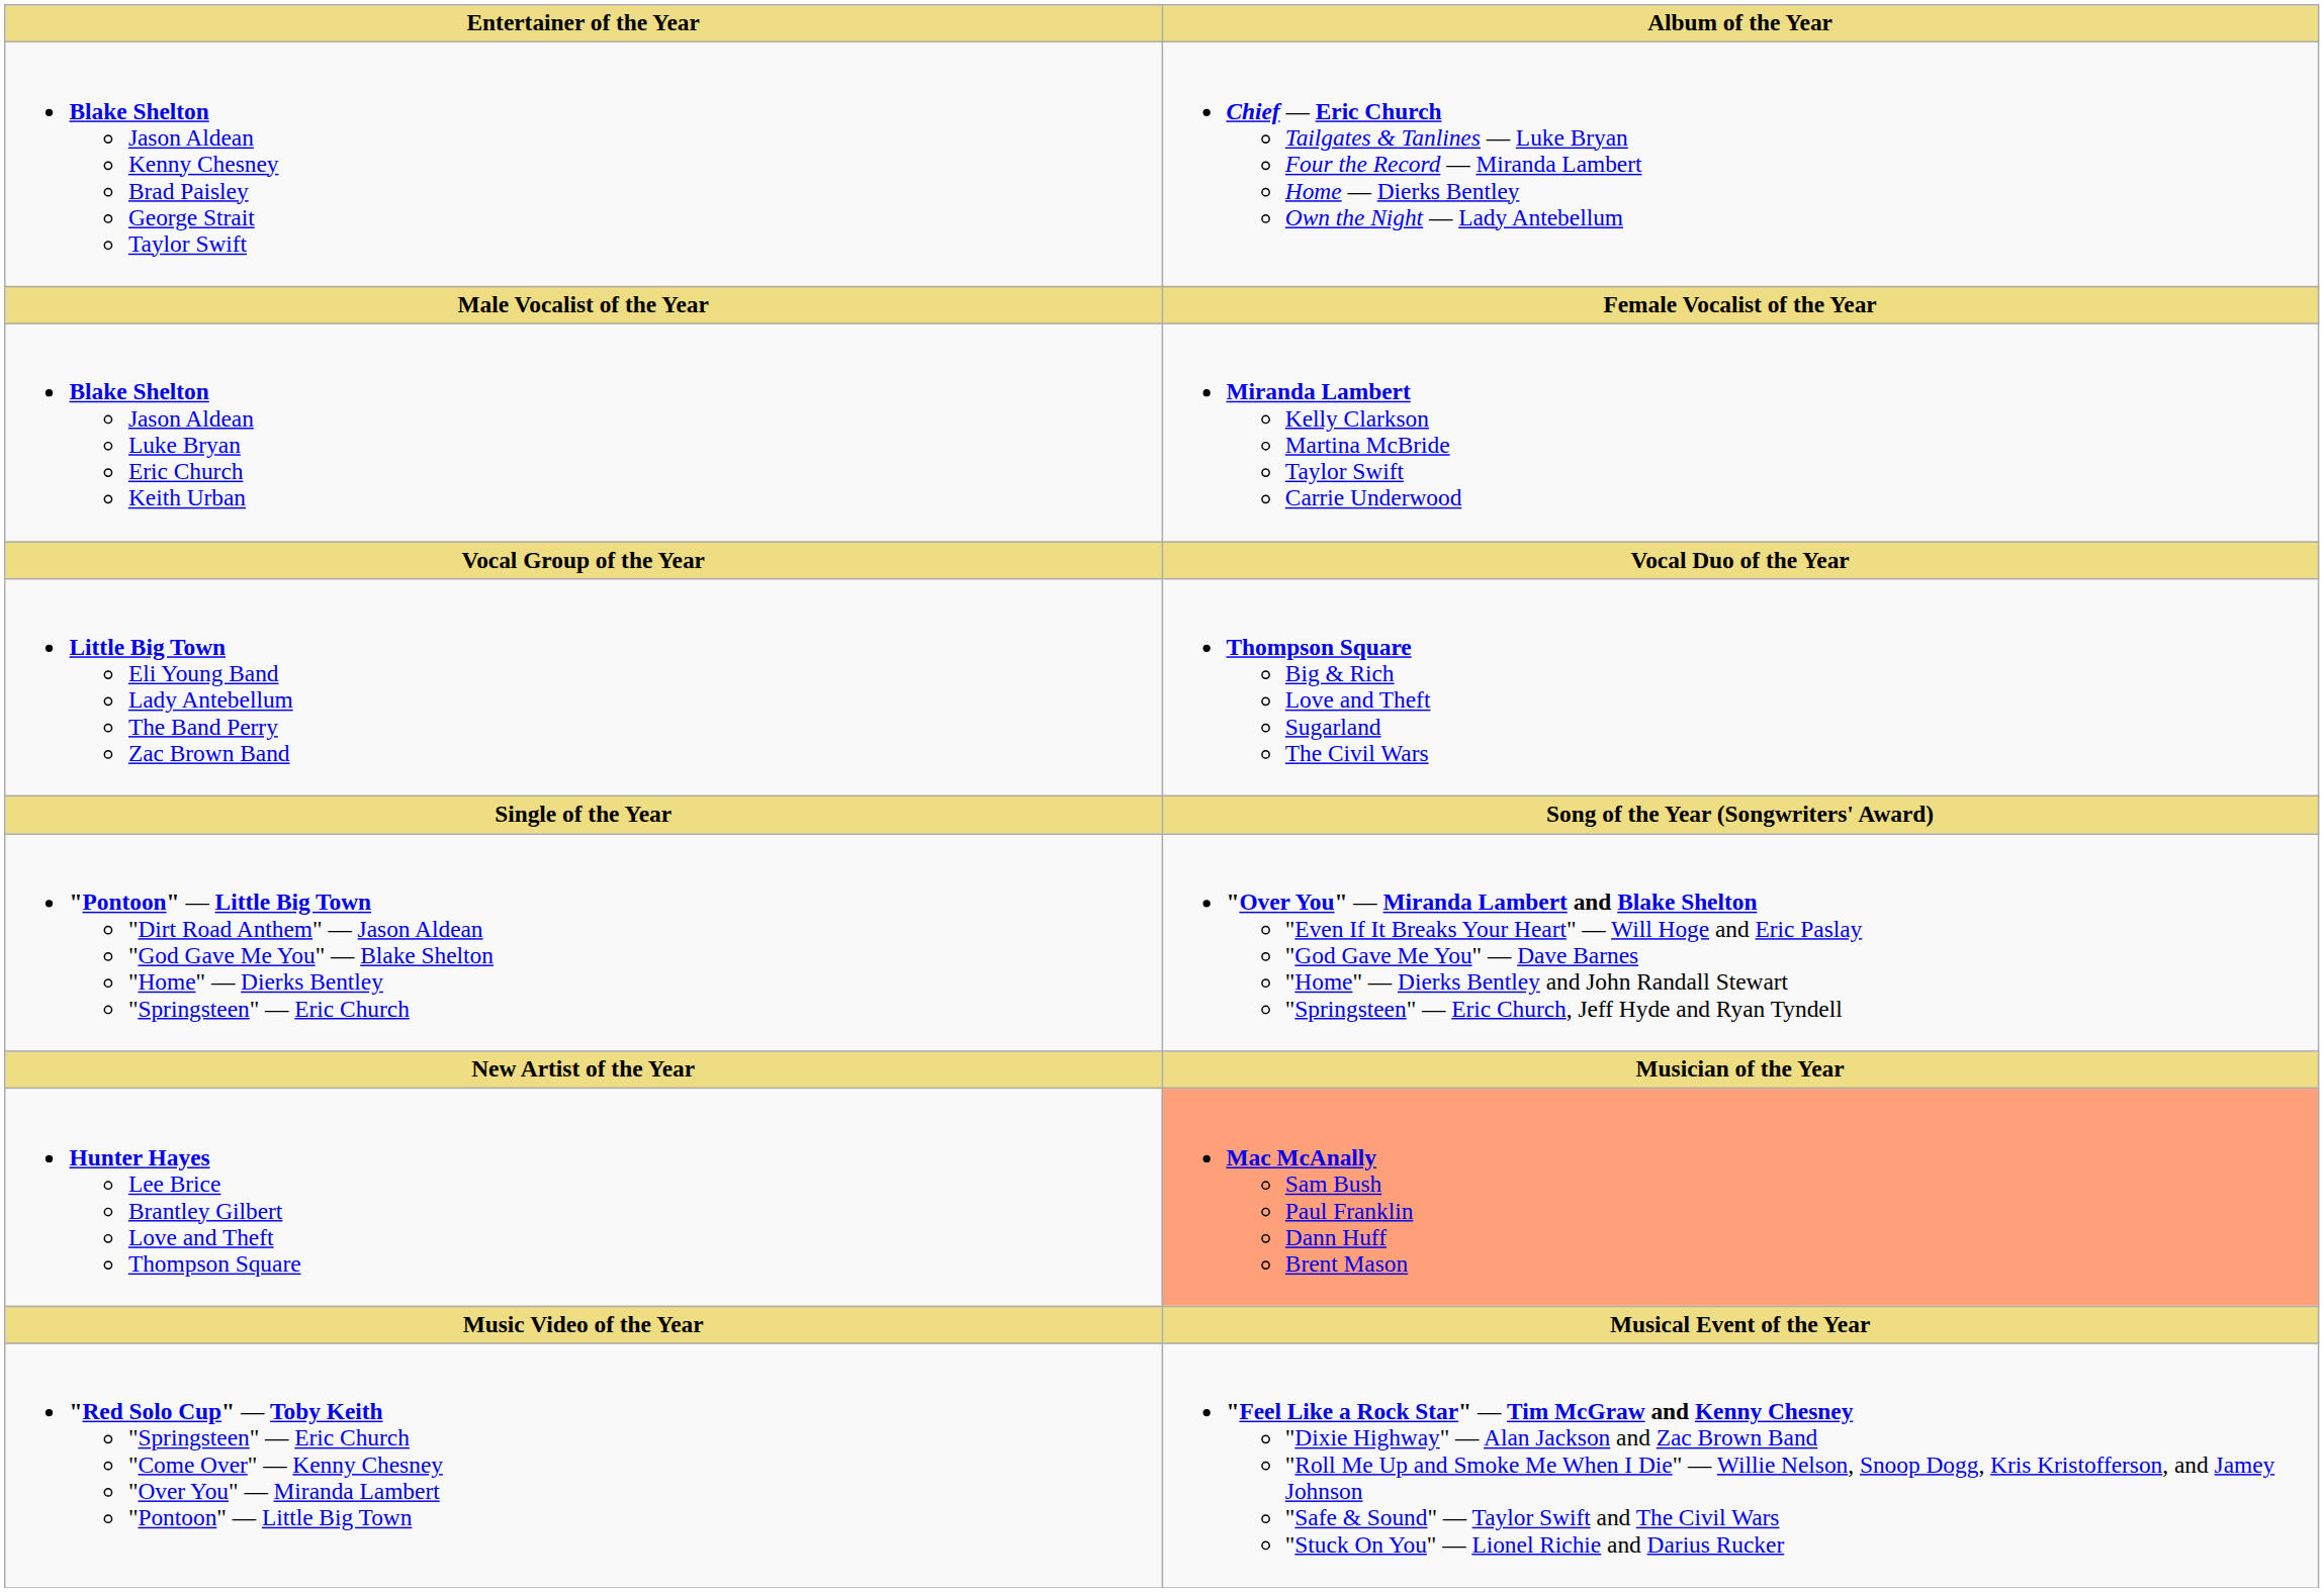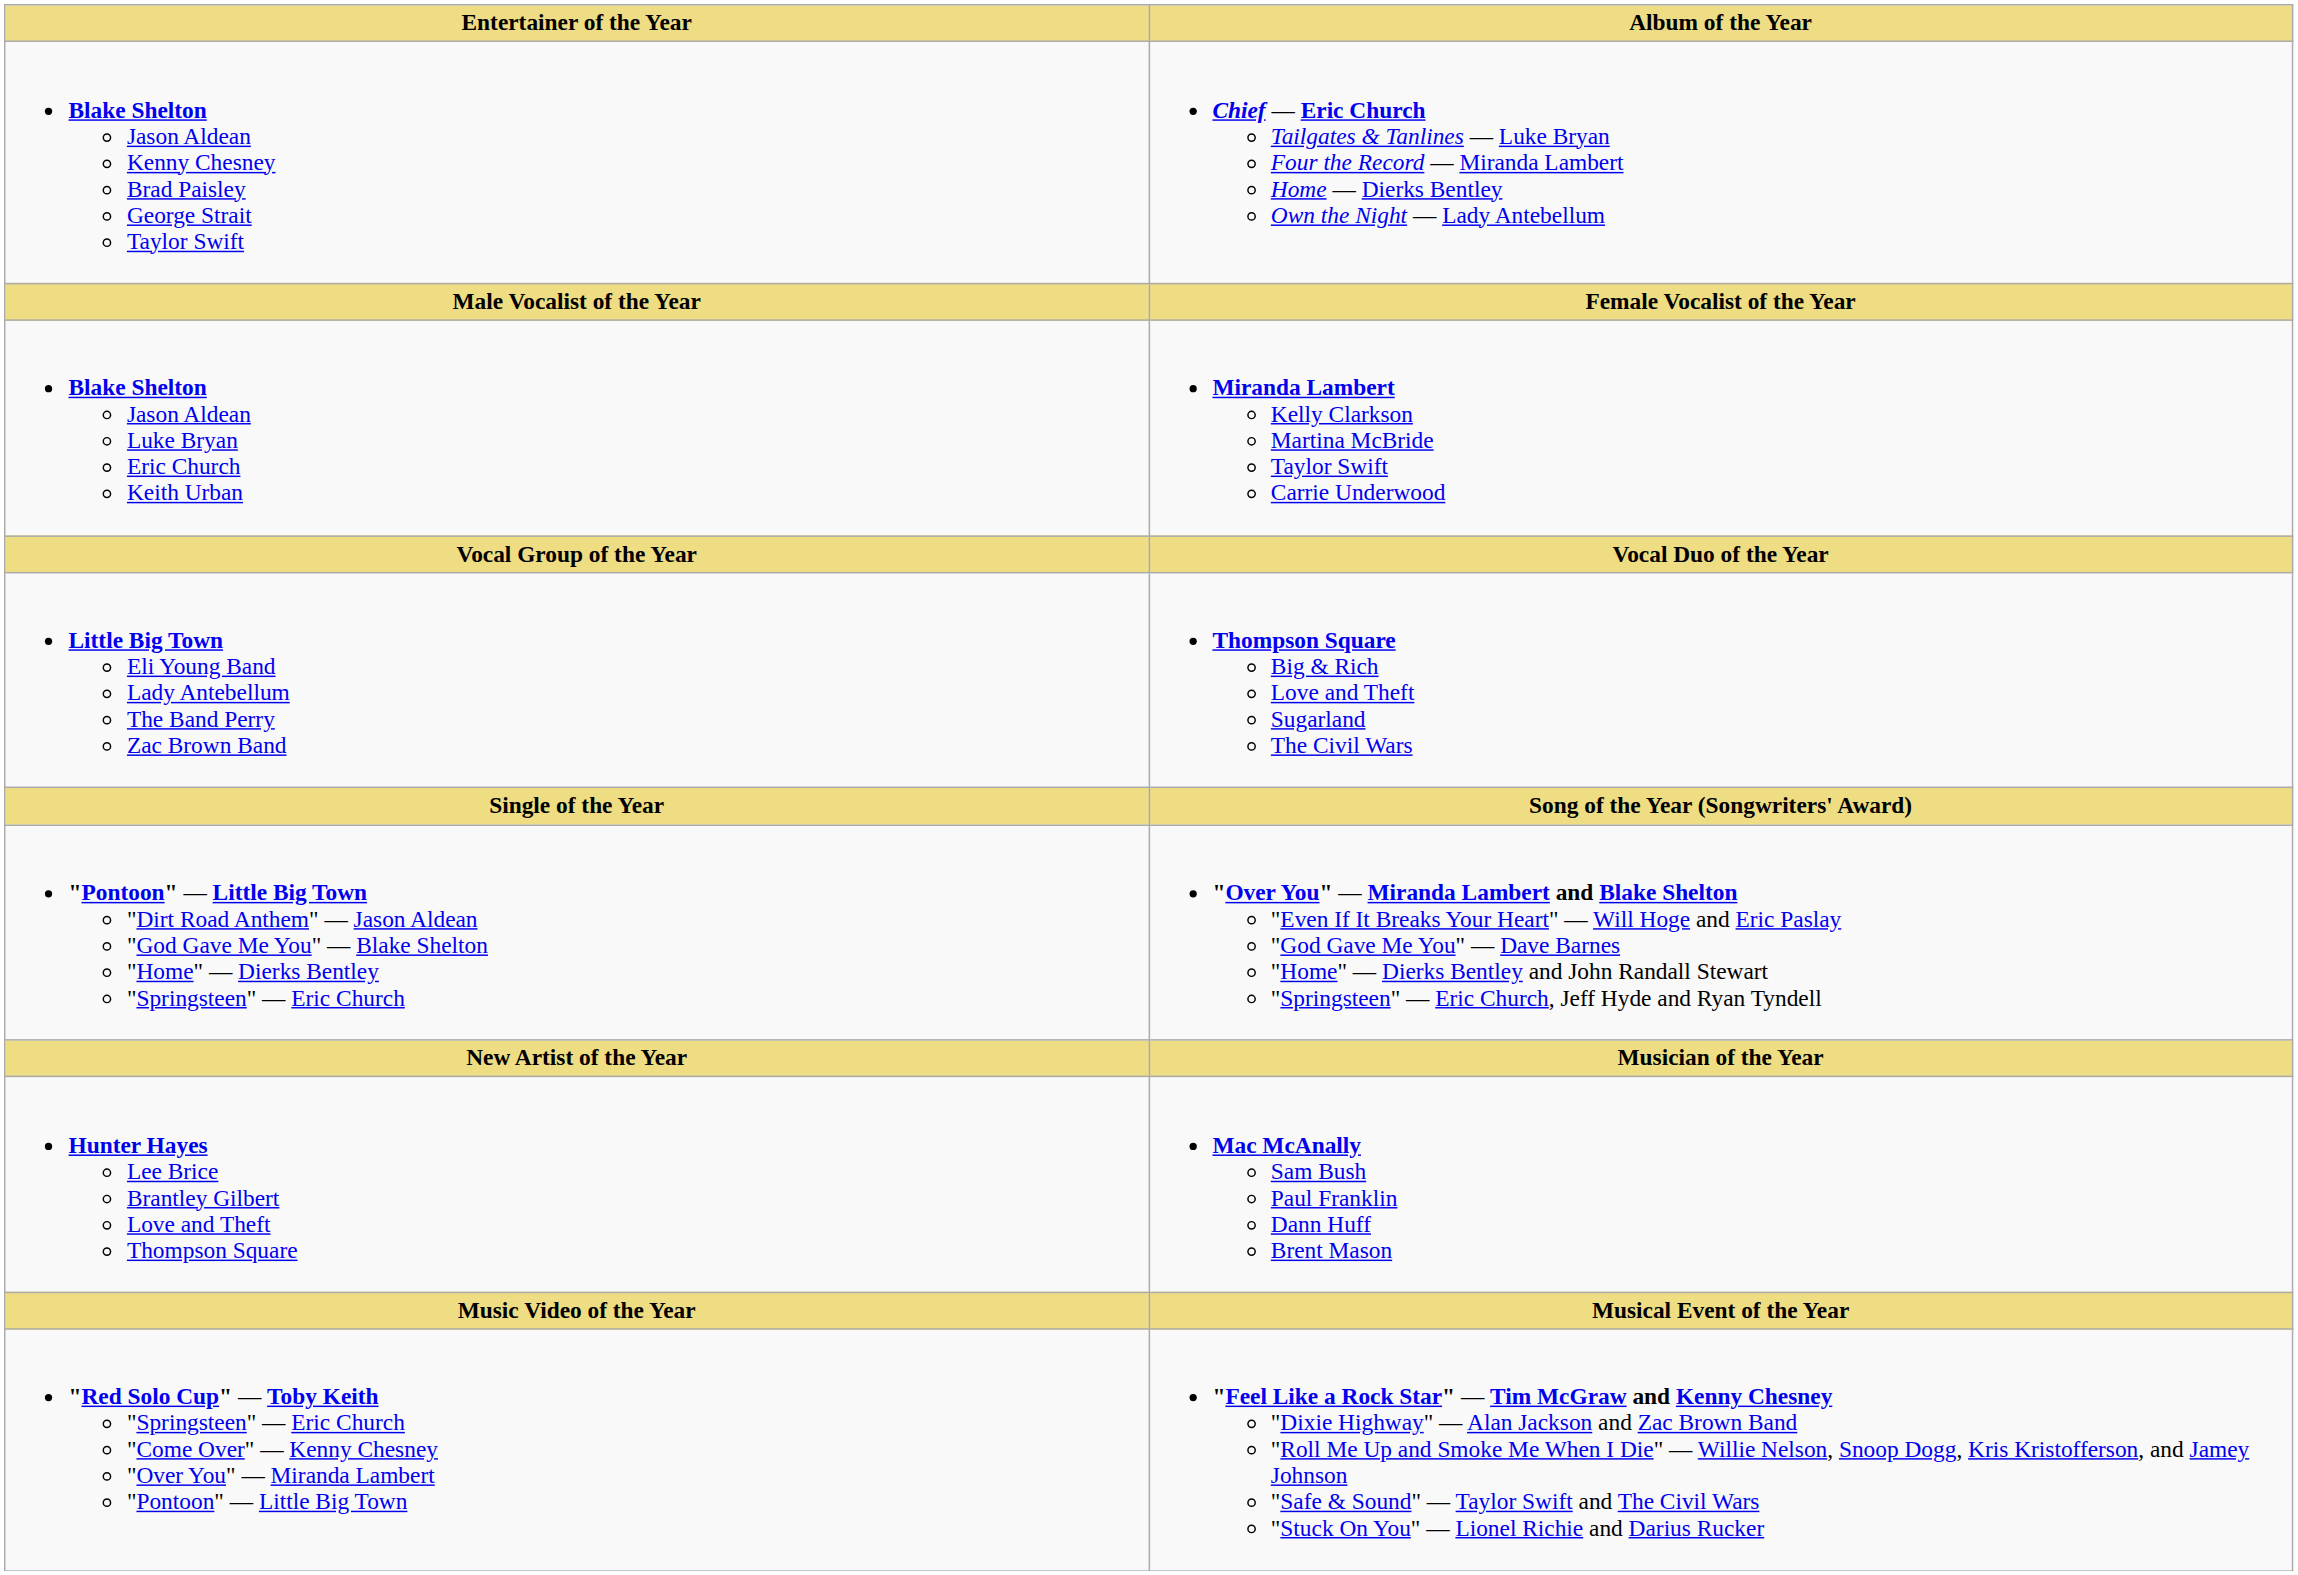 <table class=wikitable>
 <tr>
 <th width="50%" style="background:#EEDD85;">Entertainer of the Year</th>
 <th width="50%" style="background:#EEDD85;">Album of the Year</th>
 </tr>
 <tr>
 <td valign="top"><br><ul><li><strong><a href='#'>Blake Shelton</a></strong><ul><li><a href='#'>Jason Aldean</a></li><li><a href='#'>Kenny Chesney</a></li><li><a href='#'>Brad Paisley</a></li><li><a href='#'>George Strait</a></li><li><a href='#'>Taylor Swift</a></li></ul></li></ul></td>
 <td valign="top"><br><ul><li><strong><em><a href='#'>Chief</a></em></strong> — <strong><a href='#'>Eric Church</a></strong><ul><li><em><a href='#'>Tailgates & Tanlines</a></em> — <a href='#'>Luke Bryan</a></li><li><em><a href='#'>Four the Record</a></em> — <a href='#'>Miranda Lambert</a></li><li><em><a href='#'>Home</a></em> — <a href='#'>Dierks Bentley</a></li><li><em><a href='#'>Own the Night</a></em> — <a href='#'>Lady Antebellum</a></li></ul></li></ul></td>
 </tr>
 <tr>
 <th style="background:#EEDD82; width=50%">Male Vocalist of the Year</th>
 <th style="background:#EEDD82; width=50%">Female Vocalist of the Year</th>
 </tr>
 <tr>
 <td valign="top"><br><ul><li><strong><a href='#'>Blake Shelton</a></strong><ul><li><a href='#'>Jason Aldean</a></li><li><a href='#'>Luke Bryan</a></li><li><a href='#'>Eric Church</a></li><li><a href='#'>Keith Urban</a></li></ul></li></ul></td>
 <td valign="top"><br><ul><li><strong><a href='#'>Miranda Lambert</a></strong><ul><li><a href='#'>Kelly Clarkson</a></li><li><a href='#'>Martina McBride</a></li><li><a href='#'>Taylor Swift</a></li><li><a href='#'>Carrie Underwood</a></li></ul></li></ul></td>
 </tr>
 <tr>
 <th style="background:#EEDD82; width=50%">Vocal Group of the Year</th>
 <th style="background:#EEDD82; width=50%">Vocal Duo of the Year</th>
 </tr>
 <tr>
 <td valign="top"><br><ul><li><strong><a href='#'>Little Big Town</a></strong><ul><li><a href='#'>Eli Young Band</a></li><li><a href='#'>Lady Antebellum</a></li><li><a href='#'>The Band Perry</a></li><li><a href='#'>Zac Brown Band</a></li></ul></li></ul></td>
 <td valign="top"><br><ul><li><strong><a href='#'>Thompson Square</a></strong><ul><li><a href='#'>Big & Rich</a></li><li><a href='#'>Love and Theft</a></li><li><a href='#'>Sugarland</a></li><li><a href='#'>The Civil Wars</a></li></ul></li></ul></td>
 </tr>
 <tr>
 <th style="background:#EEDD82; width=50%">Single of the Year</th>
 <th style="background:#EEDD82; width=50%">Song of the Year (Songwriters' Award)</th>
 </tr>
 <tr>
 <td valign="top"><br><ul><li><strong>"<a href='#'>Pontoon</a>"</strong> — <strong><a href='#'>Little Big Town</a></strong><ul><li>"<a href='#'>Dirt Road Anthem</a>" — <a href='#'>Jason Aldean</a></li><li>"<a href='#'>God Gave Me You</a>" — <a href='#'>Blake Shelton</a></li><li>"<a href='#'>Home</a>" — <a href='#'>Dierks Bentley</a></li><li>"<a href='#'>Springsteen</a>" — <a href='#'>Eric Church</a></li></ul></li></ul></td>
 <td valign="top"><br><ul><li><strong>"<a href='#'>Over You</a>"</strong> — <strong><a href='#'>Miranda Lambert</a> and <a href='#'>Blake Shelton</a></strong><ul><li>"<a href='#'>Even If It Breaks Your Heart</a>" — <a href='#'>Will Hoge</a> and <a href='#'>Eric Paslay</a></li><li>"<a href='#'>God Gave Me You</a>" — <a href='#'>Dave Barnes</a></li><li>"<a href='#'>Home</a>" — <a href='#'>Dierks Bentley</a> and John Randall Stewart</li><li>"<a href='#'>Springsteen</a>" — <a href='#'>Eric Church</a>, Jeff Hyde and Ryan Tyndell</li></ul></li></ul></td>
 </tr>
 <tr>
 <th style="background:#EEDD82; width=50%">New Artist of the Year</th>
 <th style="background:#EEDD82; width=50%">Musician of the Year</th>
 </tr>
 <tr>
 <td valign="top"><br><ul><li><strong><a href='#'>Hunter Hayes</a></strong><ul><li><a href='#'>Lee Brice</a></li><li><a href='#'>Brantley Gilbert</a></li><li><a href='#'>Love and Theft</a></li><li><a href='#'>Thompson Square</a></li></ul></li></ul></td>
-<td valign="top" style="background: lightsalmon;"><br><ul><li><strong><a href='#'>Mac McAnally</a></strong><ul><li><a href='#'>Sam Bush</a></li><li><a href='#'>Paul Franklin</a></li><li><a href='#'>Dann Huff</a></li><li><a href='#'>Brent Mason</a></li></ul></li></ul></td>
+<td valign="top"><br><ul><li><strong><a href='#'>Mac McAnally</a></strong><ul><li><a href='#'>Sam Bush</a></li><li><a href='#'>Paul Franklin</a></li><li><a href='#'>Dann Huff</a></li><li><a href='#'>Brent Mason</a></li></ul></li></ul></td>
 </tr>
 <tr>
 <th style="background:#EEDD82; width=50%">Music Video of the Year</th>
 <th style="background:#EEDD82; width=50%">Musical Event of the Year</th>
 </tr>
 <tr>
 <td valign="top"><br><ul><li><strong>"<a href='#'>Red Solo Cup</a>"</strong> — <strong><a href='#'>Toby Keith</a></strong><ul><li>"<a href='#'>Springsteen</a>" — <a href='#'>Eric Church</a></li><li>"<a href='#'>Come Over</a>" — <a href='#'>Kenny Chesney</a></li><li>"<a href='#'>Over You</a>" — <a href='#'>Miranda Lambert</a></li><li>"<a href='#'>Pontoon</a>" — <a href='#'>Little Big Town</a></li></ul></li></ul></td>
 <td valign="top"><br><ul><li><strong>"<a href='#'>Feel Like a Rock Star</a>"</strong> — <strong><a href='#'>Tim McGraw</a> and <a href='#'>Kenny Chesney</a></strong><ul><li>"<a href='#'>Dixie Highway</a>" — <a href='#'>Alan Jackson</a> and <a href='#'>Zac Brown Band</a></li><li>"<a href='#'>Roll Me Up and Smoke Me When I Die</a>" — <a href='#'>Willie Nelson</a>, <a href='#'>Snoop Dogg</a>, <a href='#'>Kris Kristofferson</a>, and <a href='#'>Jamey Johnson</a></li><li>"<a href='#'>Safe & Sound</a>" — <a href='#'>Taylor Swift</a> and <a href='#'>The Civil Wars</a></li><li>"<a href='#'>Stuck On You</a>" — <a href='#'>Lionel Richie</a> and <a href='#'>Darius Rucker</a></li></ul></li></ul></td>
 </tr>
 <tr>
 </tr>
 </table>
